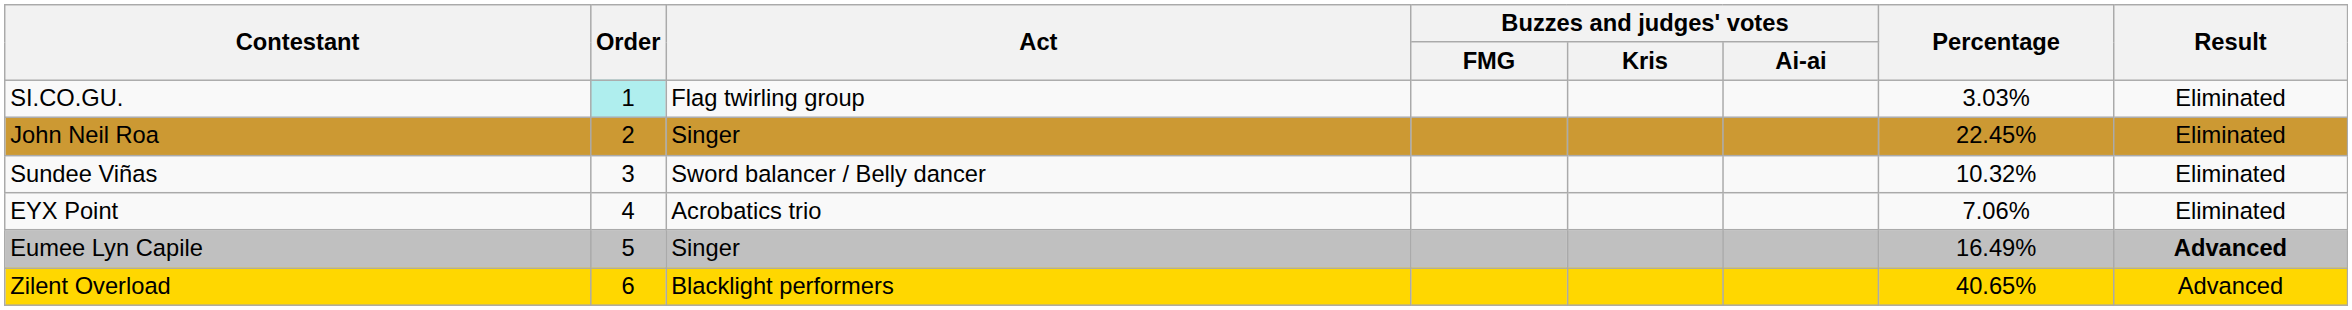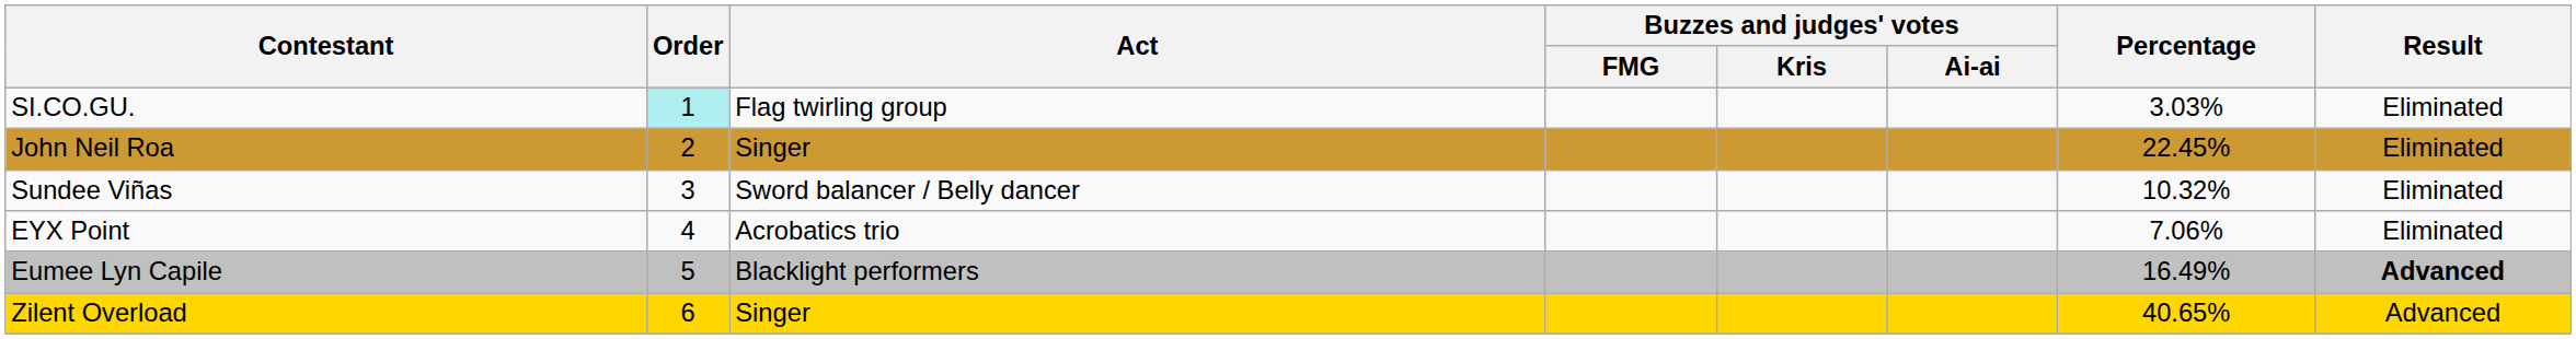 <table class="wikitable" style="text-align:center; width:100%;">
 <tr>
 <th rowspan="2" style="width:25%;">Contestant</th>
 <th rowspan="2" style="width:03%;">Order</th>
 <th rowspan="2">Act</th>
 <th colspan="3" style="width:20%;">Buzzes and judges' votes</th>
 <th rowspan="2" style="width:10%;">Percentage</th>
 <th rowspan="2" style="width:10%;">Result</th>
 </tr>
 <tr>
 <th style="width:06.66%;">FMG</th>
 <th style="width:06.66%;">Kris</th>
 <th style="width:06.66%;">Ai-ai</th>
 </tr>
 <tr>
 <td scope="row" style="text-align:left;">SI.CO.GU.</td>
 <td style="background: paleturquoise;">1</td>
 <td scope="row" style="text-align:left;">Flag twirling group</td>
 <td></td>
 <td></td>
 <td></td>
 <td>3.03%</td>
 <td>Eliminated</td>
 </tr>
 <tr bgcolor="#CC9933">
 <td scope="row" style="text-align:left;">John Neil Roa</td>
 <td>2</td>
 <td scope="row" style="text-align:left;">Singer</td>
 <td></td>
 <td></td>
 <td></td>
 <td>22.45%</td>
 <td>Eliminated</td>
 </tr>
 <tr>
 <td scope="row" style="text-align:left;">Sundee Viñas</td>
 <td>3</td>
 <td scope="row" style="text-align:left;">Sword balancer / Belly dancer</td>
 <td></td>
 <td></td>
 <td></td>
 <td>10.32%</td>
 <td>Eliminated</td>
 </tr>
 <tr>
 <td scope="row" style="text-align:left;">EYX Point</td>
 <td>4</td>
 <td scope="row" style="text-align:left;">Acrobatics trio</td>
 <td></td>
 <td></td>
 <td></td>
 <td>7.06%</td>
 <td>Eliminated</td>
 </tr>
 <tr bgcolor="silver">
 <td scope="row" style="text-align:left;">Eumee Lyn Capile</td>
 <td>5</td>
-<td scope="row" style="text-align:left;">Singer</td>
+<td scope="row" style="text-align:left;">Blacklight performers</td>
 <td></td>
 <td></td>
 <td></td>
 <td>16.49%</td>
 <td><strong>Advanced</strong></td>
 </tr>
 <tr bgcolor="gold">
 <td scope="row" style="text-align:left;">Zilent Overload</td>
 <td>6</td>
-<td scope="row" style="text-align:left;">Blacklight performers</td>
+<td scope="row" style="text-align:left;">Singer</td>
 <td></td>
 <td></td>
 <td></td>
 <td>40.65%</td>
 <td>Advanced</td>
 </tr>
 </table>
